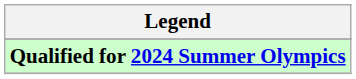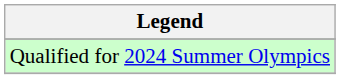 <table class="wikitable" style="font-size:92%;">
 <tr>
 <th>Legend</th>
 </tr>
 <tr>
 </tr>
 <tr bgcolor=#cfc>
-<td><strong>Qualified for <a href='#'>2024 Summer Olympics</a></strong></td>
+<td>Qualified for <a href='#'>2024 Summer Olympics</a></td>
 </tr>
 <tr>
 </tr>
 </table>
